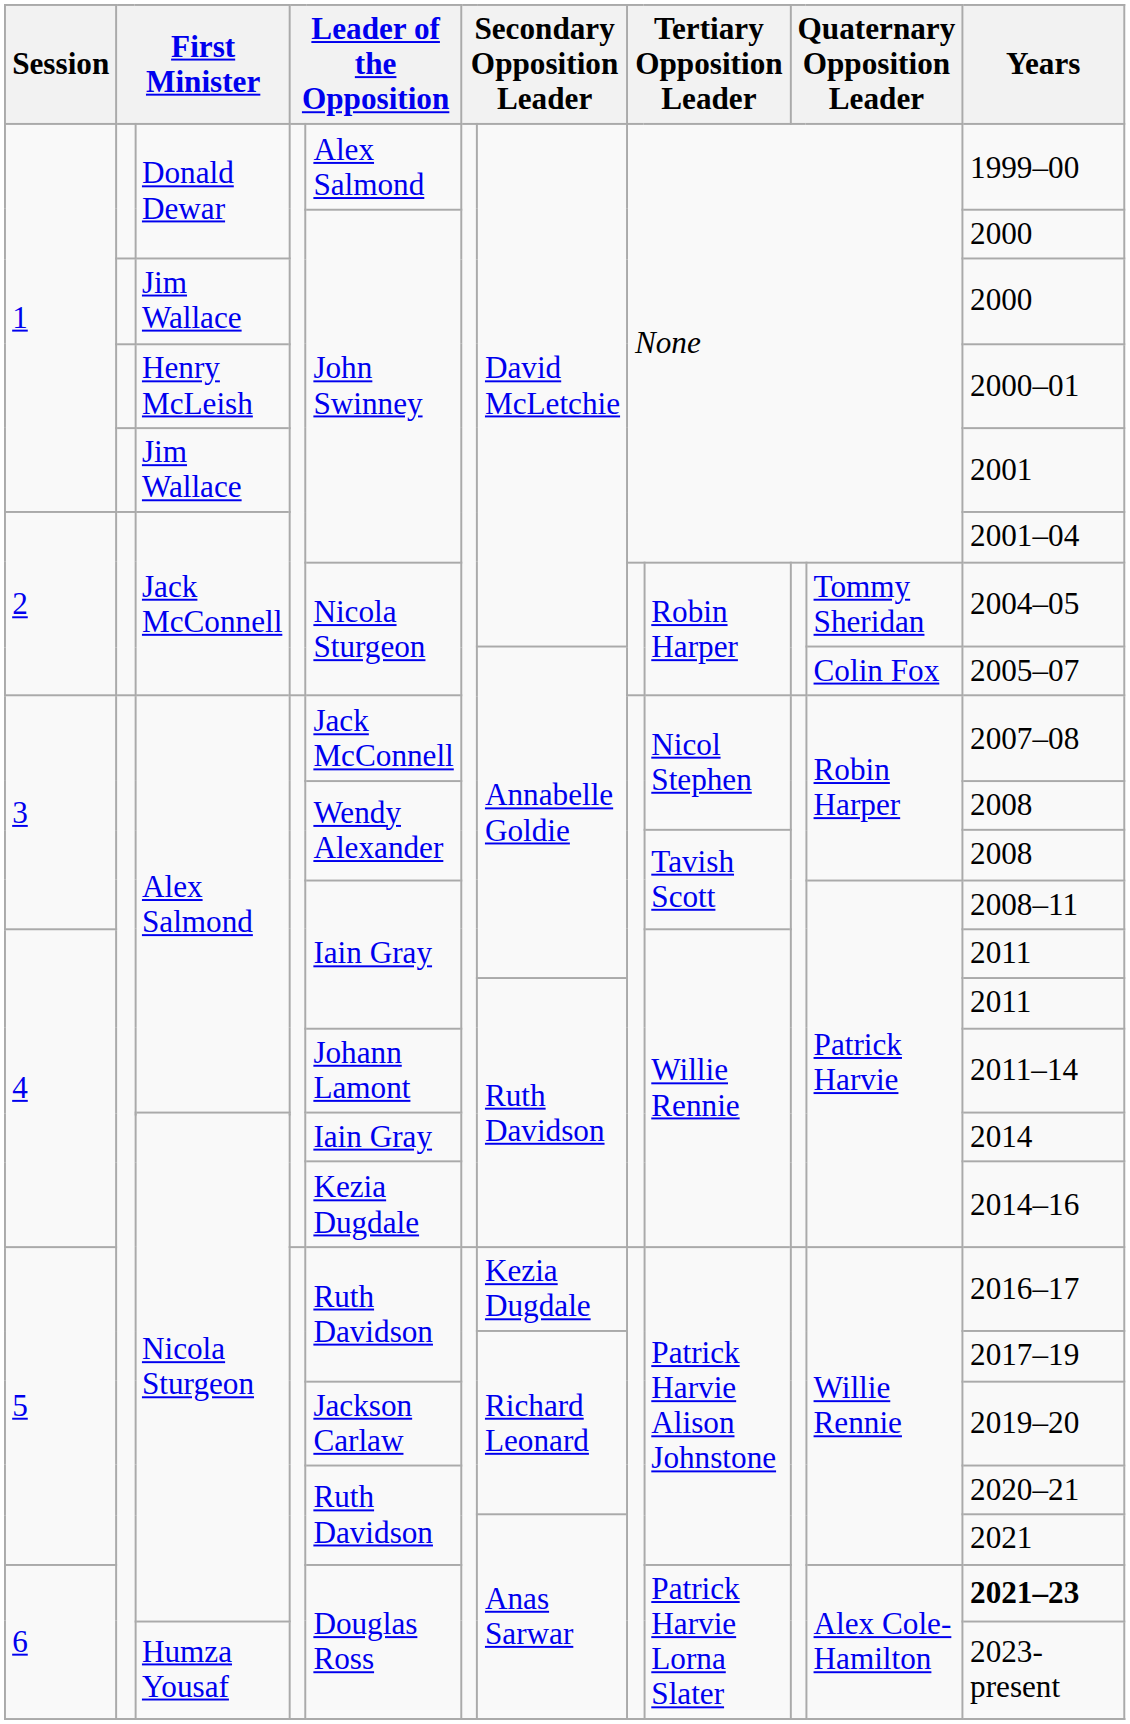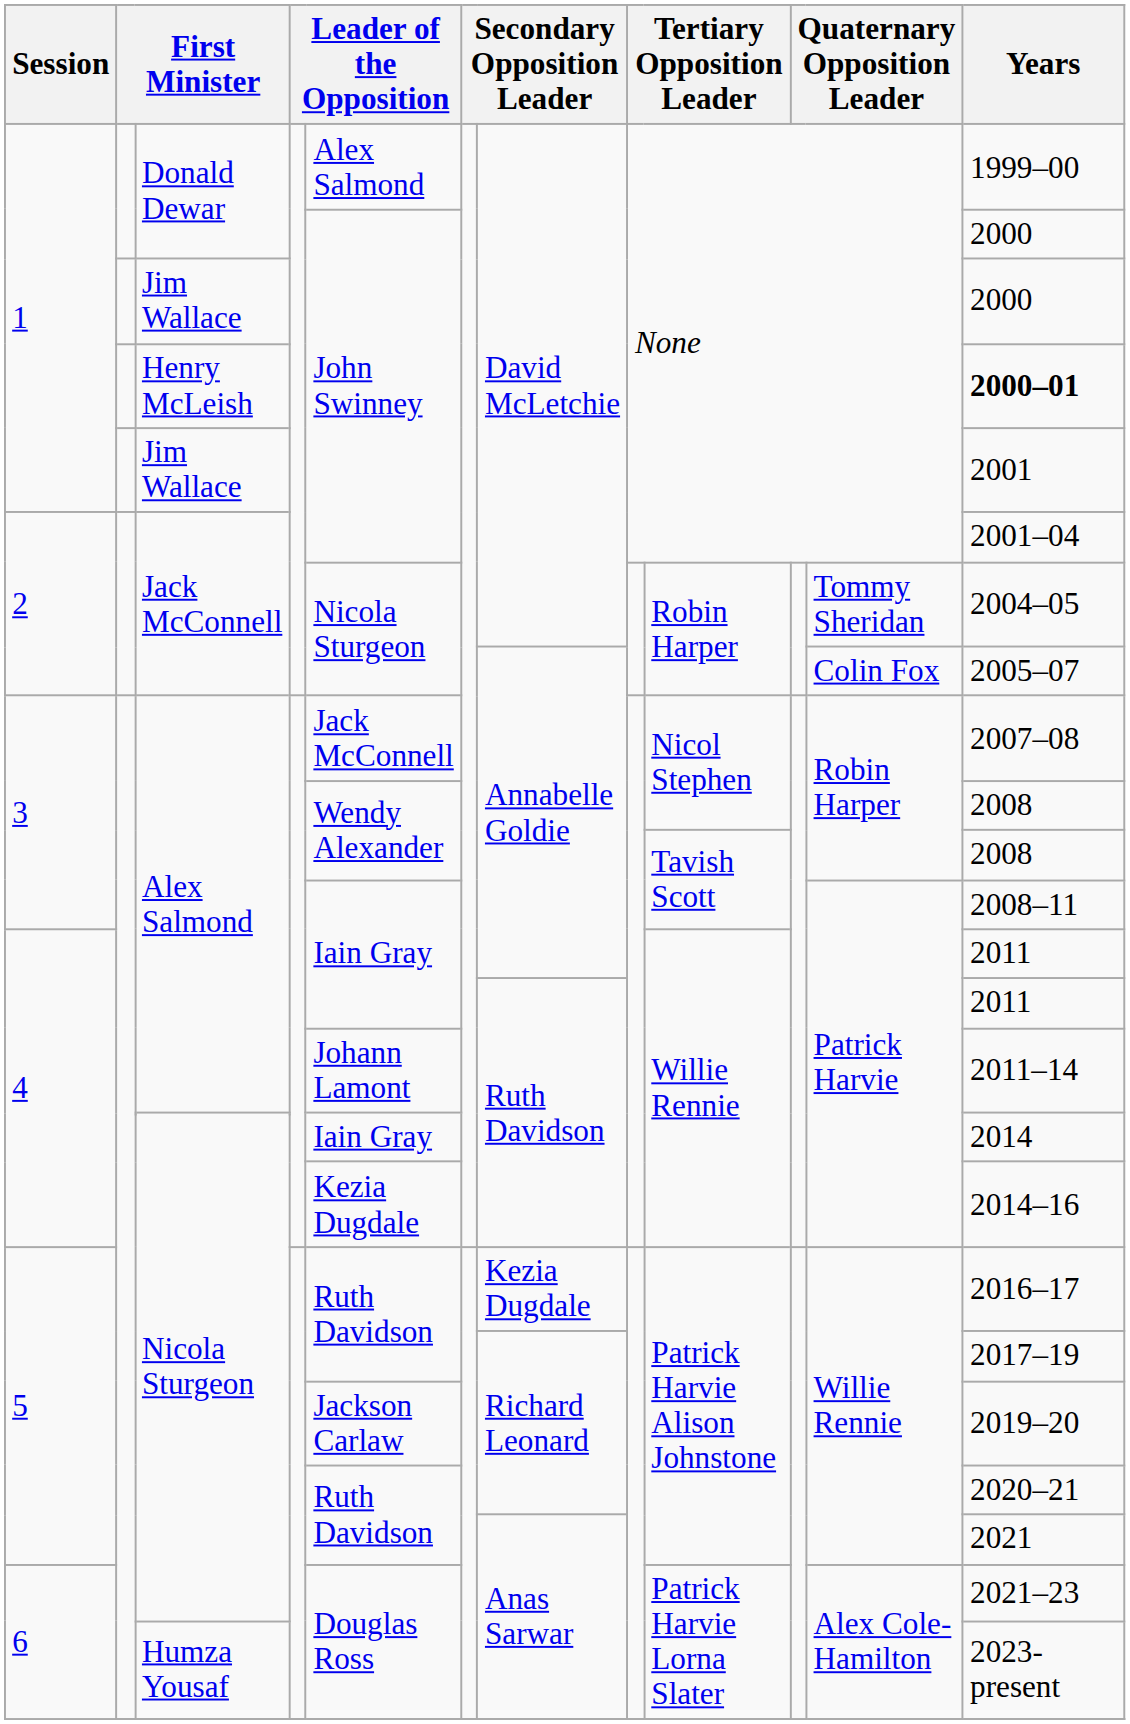 <table class="wikitable" style="width: 65%;">
 <tr>
 <th>Session</th>
 <th colspan="2" style="width: 100px;"><a href='#'>First Minister</a></th>
 <th style="width: 100px;" colspan="2"><a href='#'>Leader of the Opposition</a></th>
 <th style="width: 100px;" colspan="2">Secondary Opposition Leader</th>
 <th style="width: 100px;" colspan="2">Tertiary Opposition Leader</th>
 <th style="width: 100px;" colspan="2">Quaternary Opposition Leader</th>
 <th style="width: 75px;">Years</th>
 </tr>
 <tr>
 <td rowspan="5"><a href='#'>1</a></td>
 <td rowspan="2" width="2"></td>
 <td rowspan="2"><a href='#'>Donald Dewar</a></td>
 <td rowspan="8" width="1"></td>
 <td rowspan="1"><a href='#'>Alex Salmond</a></td>
 <td rowspan="18" width="1"></td>
 <td rowspan="7"><a href='#'>David McLetchie</a></td>
 <td rowspan="6" colspan="4"><em>None</em></td>
 <td>1999–00</td>
 </tr>
 <tr>
 <td rowspan="5"><a href='#'>John Swinney</a></td>
 <td>2000</td>
 </tr>
 <tr>
 <td rowspan="1" width="1"></td>
 <td rowspan="1"><a href='#'>Jim Wallace</a></td>
 <td>2000</td>
 </tr>
 <tr>
 <td rowspan="1" width="1"></td>
 <td rowspan="1"><a href='#'>Henry McLeish</a></td>
-<td>2000–01</td>
+<td><strong>2000–01</strong></td>
 </tr>
 <tr>
 <td rowspan="1" width="1"></td>
 <td rowspan="1"><a href='#'>Jim Wallace</a></td>
 <td>2001</td>
 </tr>
 <tr>
 <td rowspan="3"><a href='#'>2</a></td>
 <td rowspan="3" width="1"></td>
 <td rowspan="3"><a href='#'>Jack McConnell</a></td>
 <td>2001–04</td>
 </tr>
 <tr>
 <td rowspan="2"><a href='#'>Nicola Sturgeon</a></td>
 <td rowspan="2" width="1"></td>
 <td rowspan="2"><a href='#'>Robin Harper</a></td>
 <td rowspan="2" width="1"></td>
 <td rowspan="1"><a href='#'>Tommy Sheridan</a></td>
 <td>2004–05</td>
 </tr>
 <tr>
 <td rowspan="6"><a href='#'>Annabelle Goldie</a></td>
 <td rowspan="1"><a href='#'>Colin Fox</a></td>
 <td>2005–07</td>
 </tr>
 <tr>
 <td rowspan="4"><a href='#'>3</a></td>
 <td rowspan="17" width="1"></td>
 <td rowspan="8"><a href='#'>Alex Salmond</a></td>
 <td rowspan="10" width="1"></td>
 <td rowspan="1"><a href='#'>Jack McConnell</a></td>
 <td rowspan="10" width="1"></td>
 <td rowspan="2"><a href='#'>Nicol Stephen</a></td>
 <td rowspan="10" width="1"></td>
 <td rowspan="3"><a href='#'>Robin Harper</a></td>
 <td>2007–08</td>
 </tr>
 <tr>
 <td rowspan="2"><a href='#'>Wendy Alexander</a></td>
 <td>2008</td>
 </tr>
 <tr>
 <td rowspan="2"><a href='#'>Tavish Scott</a></td>
 <td>2008</td>
 </tr>
 <tr>
 <td rowspan="3"><a href='#'>Iain Gray</a></td>
 <td rowspan="7"><a href='#'>Patrick Harvie</a></td>
 <td>2008–11</td>
 </tr>
 <tr>
 <td rowspan="6"><a href='#'>4</a></td>
 <td rowspan="6"><a href='#'>Willie Rennie</a></td>
 <td>2011</td>
 </tr>
 <tr>
 <td rowspan="5"><a href='#'>Ruth Davidson</a></td>
 <td>2011</td>
 </tr>
 <tr>
 <td rowspan="1"><a href='#'>Johann Lamont</a></td>
 <td>2011–14</td>
 </tr>
 <tr>
 <td rowspan="2"><a href='#'>Iain Gray</a></td>
 <td rowspan="2">2014</td>
 </tr>
 <tr>
 <td rowspan="8"><a href='#'>Nicola Sturgeon</a></td>
 </tr>
 <tr>
 <td rowspan="1"><a href='#'>Kezia Dugdale</a></td>
 <td>2014–16</td>
 </tr>
 <tr>
 <td rowspan="5"><a href='#'>5</a></td>
 <td rowspan="7" width="1"></td>
 <td rowspan="2"><a href='#'>Ruth Davidson</a></td>
 <td rowspan="7" width="1"></td>
 <td rowspan="1"><a href='#'>Kezia Dugdale</a></td>
 <td rowspan="7" width="1"></td>
 <td rowspan="5"><a href='#'>Patrick Harvie</a><br><a href='#'>Alison Johnstone</a></td>
 <td rowspan="8" width="1"></td>
 <td rowspan="5"><a href='#'>Willie Rennie</a></td>
 <td>2016–17</td>
 </tr>
 <tr>
 <td rowspan="3"><a href='#'>Richard Leonard</a></td>
 <td>2017–19</td>
 </tr>
 <tr>
 <td><a href='#'>Jackson Carlaw</a></td>
 <td>2019–20</td>
 </tr>
 <tr>
 <td rowspan="2"><a href='#'>Ruth Davidson</a></td>
 <td>2020–21</td>
 </tr>
 <tr>
 <td rowspan="3"><a href='#'>Anas Sarwar</a></td>
 <td>2021</td>
 </tr>
 <tr>
 <td rowspan="3"><a href='#'>6</a></td>
 <td rowspan="2"><a href='#'>Douglas Ross</a></td>
 <td rowspan="2"><a href='#'>Patrick Harvie</a><br><a href='#'>Lorna Slater</a></td>
 <td rowspan="2"><a href='#'>Alex Cole-Hamilton</a></td>
-<td><strong>2021–23</strong></td>
+<td>2021–23</td>
 </tr>
 <tr>
 <td><a href='#'>Humza Yousaf</a></td>
 <td>2023-present</td>
 </tr>
 <tr>
 </tr>
 </table>
